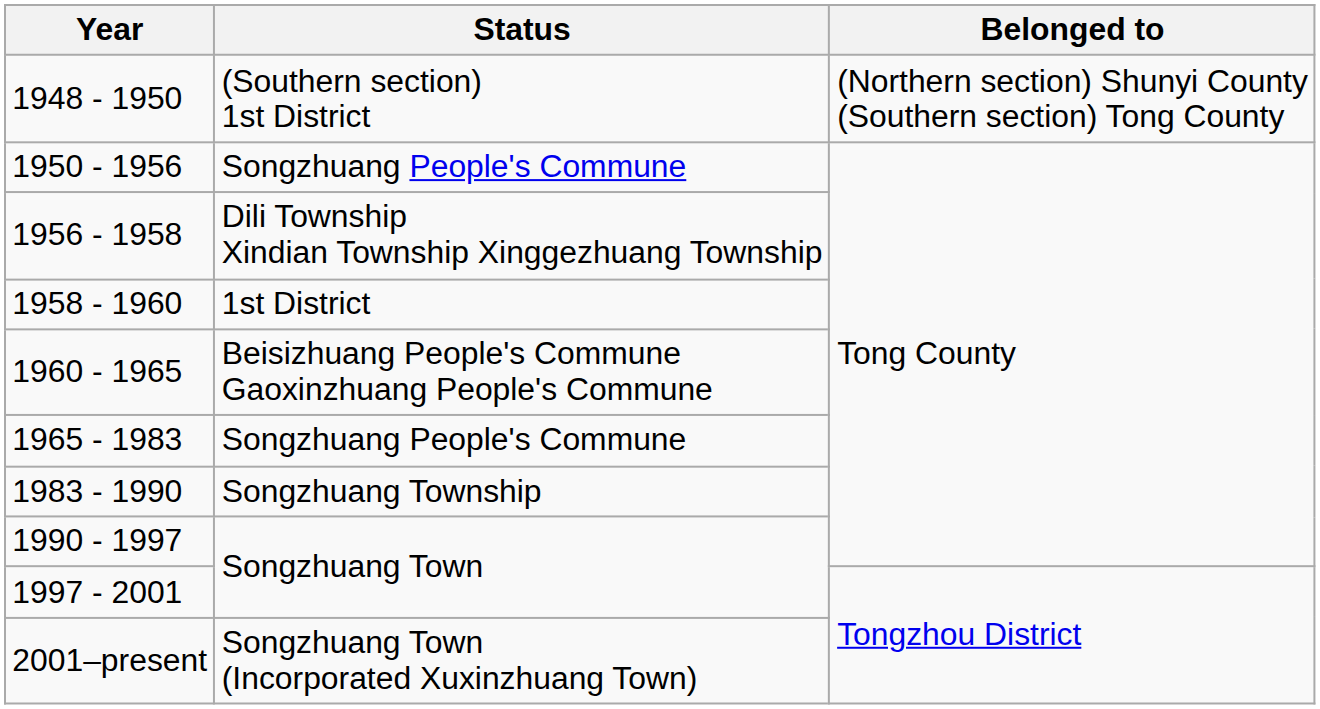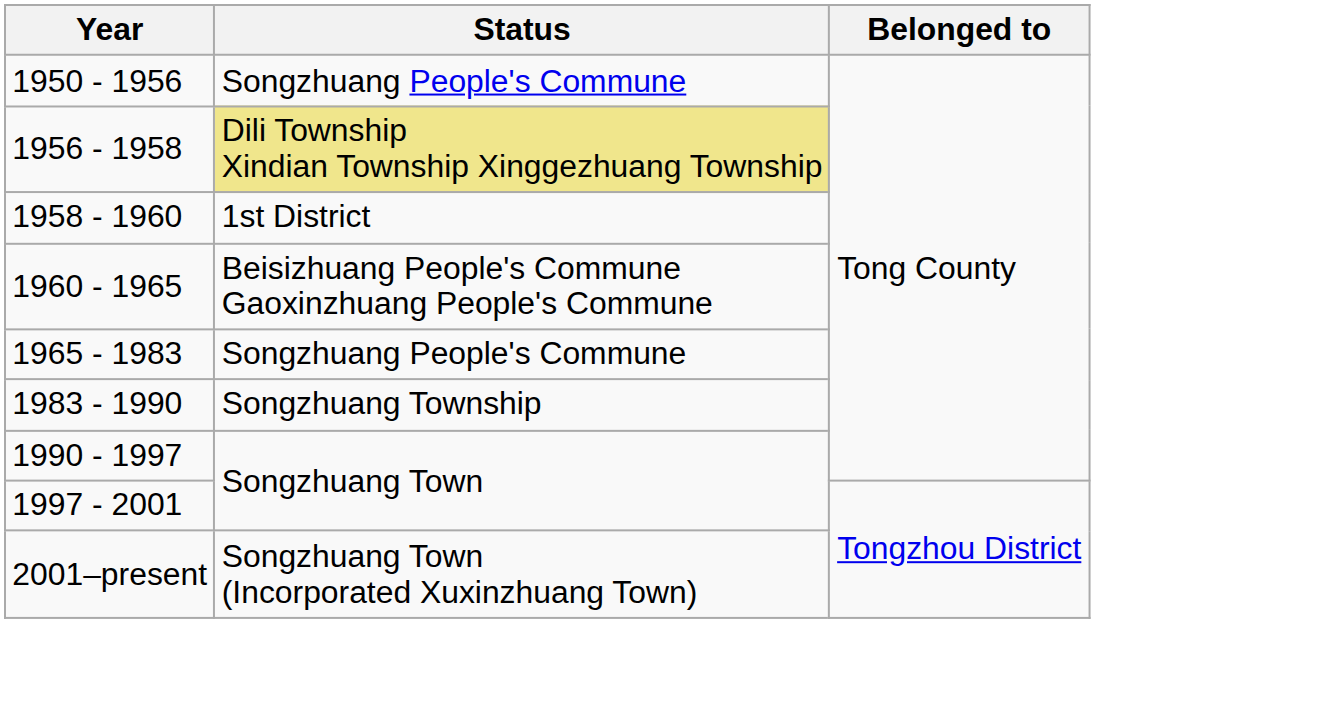 <table class="wikitable">
 <tr>
 <th>Year</th>
 <th>Status</th>
 <th>Belonged to</th>
-</tr>
-<tr>
-<td>1948 - 1950</td>
-<td>(Southern section)<br>1st District</td>
-<td>(Northern section) Shunyi County<br>(Southern section) Tong County</td>
 </tr>
 <tr>
 <td>1950 - 1956</td>
 <td>Songzhuang <a href='#'>People's Commune</a></td>
 <td rowspan="7">Tong County</td>
 </tr>
 <tr>
 <td>1956 - 1958</td>
-<td>Dili Township<br>Xindian Township Xinggezhuang Township</td>
+<td style="background: khaki;">Dili Township<br>Xindian Township Xinggezhuang Township</td>
 </tr>
 <tr>
 <td>1958 - 1960</td>
 <td>1st District</td>
 </tr>
 <tr>
 <td>1960 - 1965</td>
 <td>Beisizhuang People's Commune<br>Gaoxinzhuang People's Commune</td>
 </tr>
 <tr>
 <td>1965 - 1983</td>
 <td>Songzhuang People's Commune</td>
 </tr>
 <tr>
 <td>1983 - 1990</td>
 <td>Songzhuang Township</td>
 </tr>
 <tr>
 <td>1990 - 1997</td>
 <td rowspan="2">Songzhuang Town</td>
 </tr>
 <tr>
 <td>1997 - 2001</td>
 <td rowspan="2"><a href='#'>Tongzhou District</a></td>
 </tr>
 <tr>
 <td>2001–present</td>
 <td>Songzhuang Town<br>(Incorporated Xuxinzhuang Town)</td>
 </tr>
 </table>
